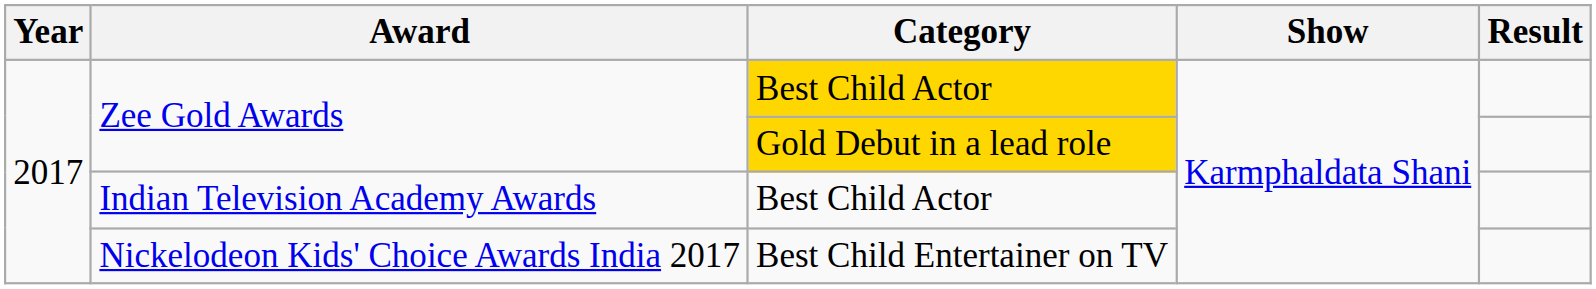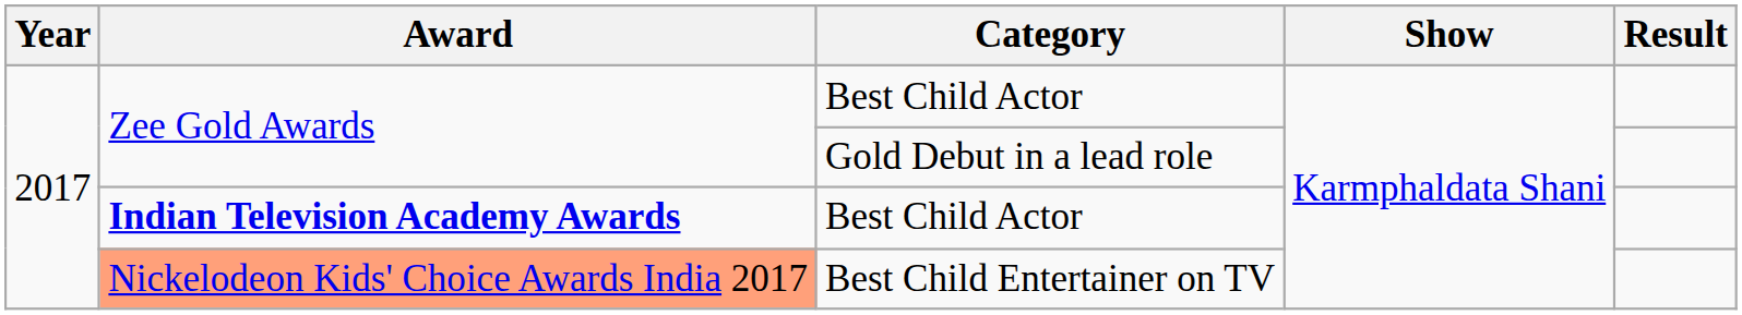 <table class="wikitable sortable">
 <tr>
 <th>Year</th>
 <th>Award</th>
 <th>Category</th>
 <th>Show</th>
 <th>Result</th>
 </tr>
 <tr>
 <td rowspan="4">2017</td>
 <td rowspan="2"><a href='#'>Zee Gold Awards</a></td>
-<td style="background: gold;">Best Child Actor</td>
+<td>Best Child Actor</td>
 <td rowspan="4"><a href='#'>Karmphaldata Shani</a></td>
 <td></td>
 </tr>
 <tr>
-<td style="background: gold;">Gold Debut in a lead role</td>
+<td>Gold Debut in a lead role</td>
 <td></td>
 </tr>
 <tr>
-<td><a href='#'>Indian Television Academy Awards</a></td>
+<td><strong><a href='#'>Indian Television Academy Awards</a></strong></td>
 <td>Best Child Actor</td>
 <td></td>
 </tr>
 <tr>
-<td><a href='#'>Nickelodeon Kids' Choice Awards India</a> 2017</td>
+<td style="background: lightsalmon;"><a href='#'>Nickelodeon Kids' Choice Awards India</a> 2017</td>
 <td>Best Child Entertainer on TV</td>
 <td></td>
 </tr>
 </table>
